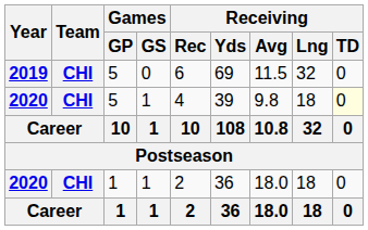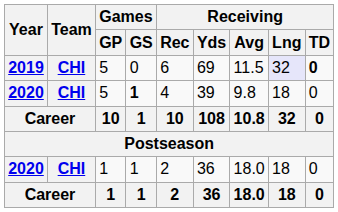 <table class="wikitable">
 <tr>
 <th rowspan="2">Year</th>
 <th rowspan="2">Team</th>
 <th colspan="2">Games</th>
 <th colspan="5">Receiving</th>
 </tr>
 <tr>
 <th>GP</th>
 <th>GS</th>
 <th>Rec</th>
 <th>Yds</th>
 <th>Avg</th>
 <th>Lng</th>
 <th>TD</th>
 </tr>
 <tr>
 <th><a href='#'>2019</a></th>
 <th><a href='#'>CHI</a></th>
 <td>5</td>
 <td>0</td>
 <td>6</td>
 <td>69</td>
 <td>11.5</td>
-<td>32</td>
-<td>0</td>
+<td style="background: lavender;">32</td>
+<td><strong>0</strong></td>
 </tr>
 <tr>
 <th><a href='#'>2020</a></th>
 <th><a href='#'>CHI</a></th>
 <td>5</td>
-<td>1</td>
+<td><strong>1</strong></td>
 <td>4</td>
 <td>39</td>
 <td>9.8</td>
 <td>18</td>
-<td style="background: lightyellow;">0</td>
+<td>0</td>
 </tr>
 <tr>
 <th colspan="2">Career</th>
 <th>10</th>
 <th>1</th>
 <th>10</th>
 <th>108</th>
 <th>10.8</th>
 <th>32</th>
 <th>0</th>
 </tr>
 <tr>
 <th colspan="9">Postseason</th>
 </tr>
 <tr>
 <th><a href='#'>2020</a></th>
 <th><a href='#'>CHI</a></th>
 <td>1</td>
 <td>1</td>
 <td>2</td>
 <td>36</td>
 <td>18.0</td>
 <td>18</td>
 <td>0</td>
 </tr>
 <tr>
 <th colspan="2">Career</th>
 <th>1</th>
 <th>1</th>
 <th>2</th>
 <th>36</th>
 <th>18.0</th>
 <th>18</th>
 <th>0</th>
 </tr>
 </table>
